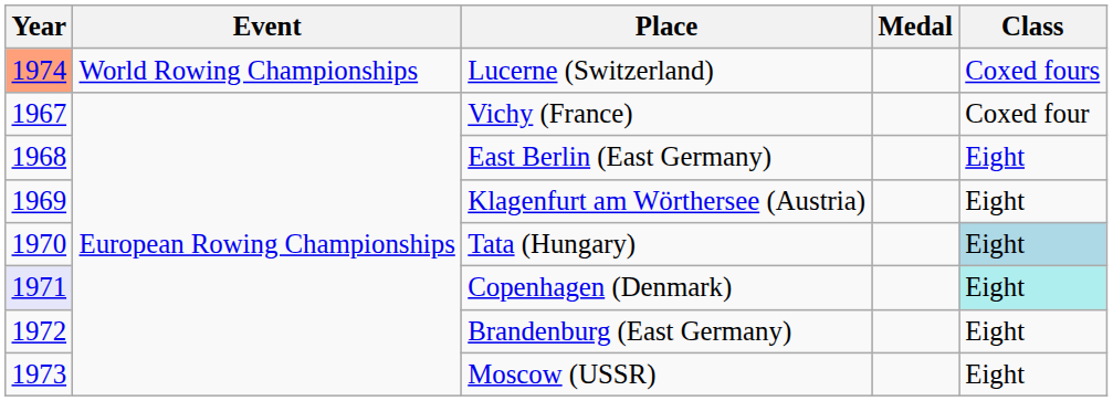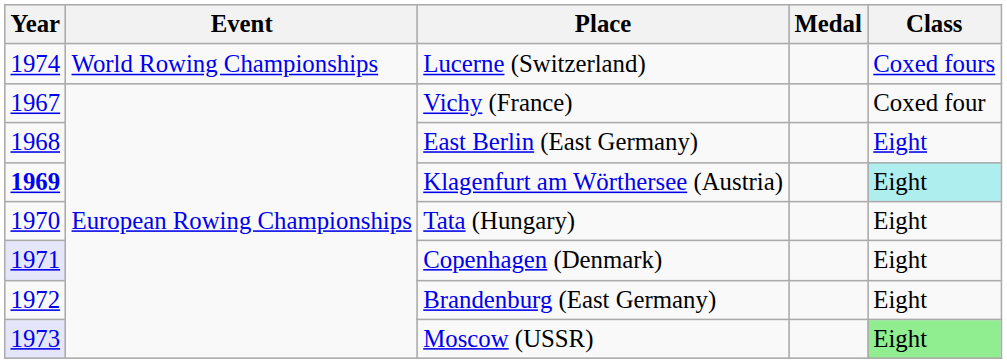 <table class="wikitable sortable">
 <tr>
 <th>Year</th>
 <th>Event</th>
 <th>Place</th>
 <th>Medal</th>
 <th>Class</th>
 </tr>
 <tr>
-<td style="background: lightsalmon;"><a href='#'>1974</a></td>
+<td><a href='#'>1974</a></td>
 <td><a href='#'>World Rowing Championships</a></td>
 <td><a href='#'>Lucerne</a> (Switzerland)</td>
 <td></td>
 <td><a href='#'>Coxed fours</a></td>
 </tr>
 <tr>
 <td><a href='#'>1967</a></td>
 <td rowspan=7><a href='#'>European Rowing Championships</a></td>
 <td><a href='#'>Vichy</a> (France)</td>
 <td></td>
 <td>Coxed four</td>
 </tr>
 <tr>
 <td><a href='#'>1968</a></td>
 <td><a href='#'>East Berlin</a> (East Germany)</td>
 <td></td>
 <td><a href='#'>Eight</a></td>
 </tr>
 <tr>
-<td><a href='#'>1969</a></td>
+<td><strong><a href='#'>1969</a></strong></td>
 <td><a href='#'>Klagenfurt am Wörthersee</a> (Austria)</td>
 <td></td>
-<td>Eight</td>
+<td style="background: paleturquoise;">Eight</td>
 </tr>
 <tr>
 <td><a href='#'>1970</a></td>
 <td><a href='#'>Tata</a> (Hungary)</td>
 <td></td>
-<td style="background: lightblue;">Eight</td>
+<td>Eight</td>
 </tr>
 <tr>
 <td style="background: lavender;"><a href='#'>1971</a></td>
 <td><a href='#'>Copenhagen</a> (Denmark)</td>
 <td></td>
-<td style="background: paleturquoise;">Eight</td>
+<td>Eight</td>
 </tr>
 <tr>
 <td><a href='#'>1972</a></td>
 <td><a href='#'>Brandenburg</a> (East Germany)</td>
 <td></td>
 <td>Eight</td>
 </tr>
 <tr>
-<td><a href='#'>1973</a></td>
+<td style="background: lavender;"><a href='#'>1973</a></td>
 <td><a href='#'>Moscow</a> (USSR)</td>
 <td></td>
-<td>Eight</td>
+<td style="background: lightgreen;">Eight</td>
 </tr>
 </table>
